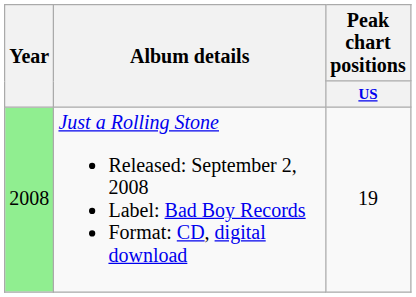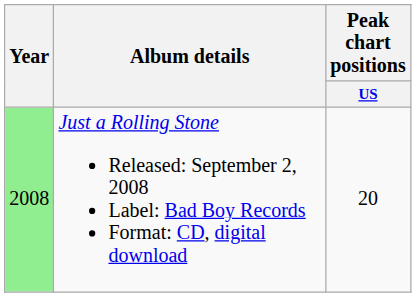 <table class="wikitable" style="text-align:center;">
 <tr>
 <th rowspan="2">Year</th>
 <th style="width:210px;" rowspan="2">Album details</th>
 <th>Peak chart positions</th>
 </tr>
 <tr>
 <th style="width:3em;font-size:75%"><a href='#'>US</a><br></th>
 </tr>
 <tr>
 <td style="background: lightgreen; text-align:center;">2008</td>
 <td align="left"><em><a href='#'>Just a Rolling Stone</a></em><br><ul><li>Released: September 2, 2008</li><li>Label: <a href='#'>Bad Boy Records</a></li><li>Format: <a href='#'>CD</a>, <a href='#'>digital download</a></li></ul></td>
-<td style="text-align:center;">19</td>
+<td style="text-align:center;">20</td>
 </tr>
 </table>
